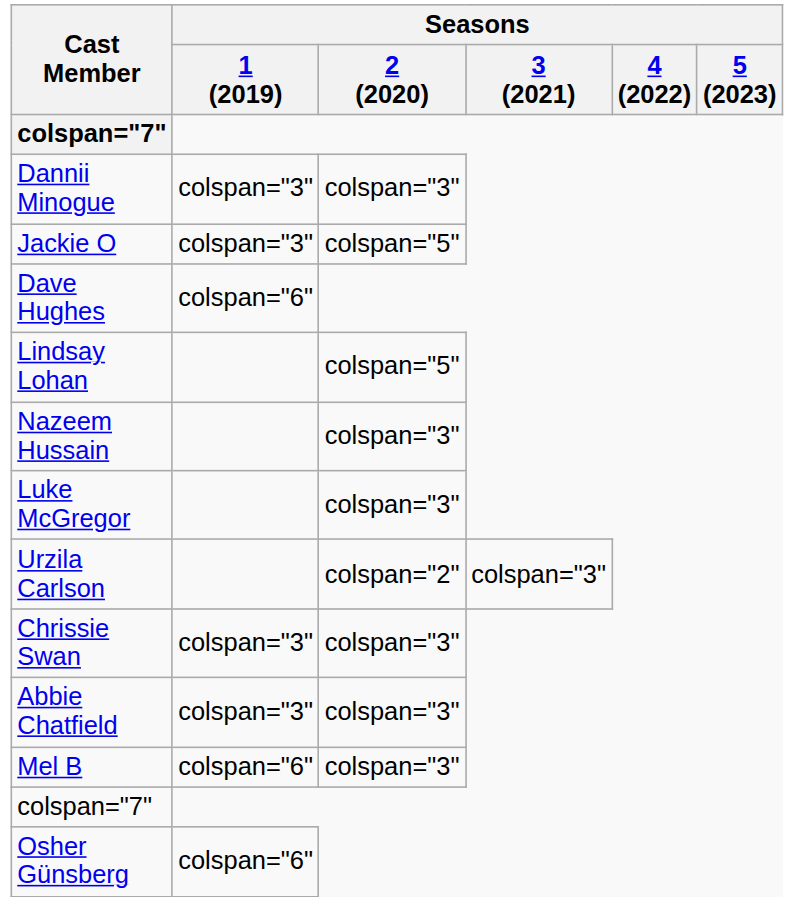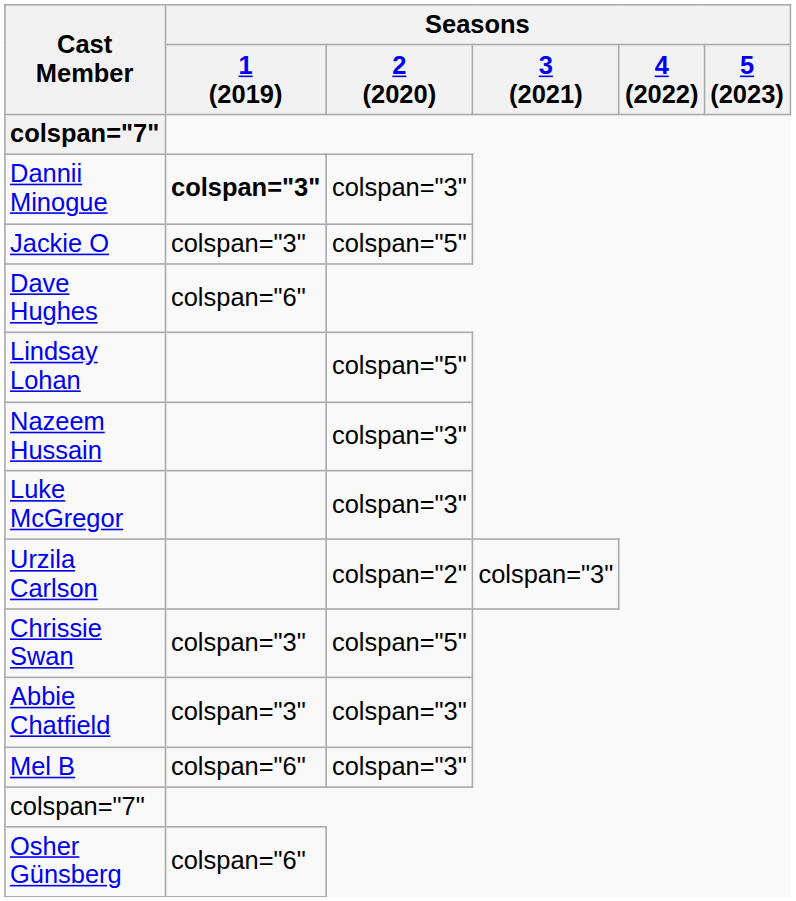 <table class="wikitable mw-collapsible mw-collapsed" style="margin-left: auto; margin-right: auto; border: none; width:30%;">
 <tr>
 <th rowspan="2">Cast Member</th>
 <th colspan="5">Seasons</th>
 </tr>
 <tr>
 <th><a href='#'>1</a><br>(2019)</th>
 <th><a href='#'>2</a><br>(2020)</th>
 <th><a href='#'>3</a><br>(2021)</th>
 <th><a href='#'>4</a><br>(2022)</th>
 <th><a href='#'>5</a><br>(2023)</th>
 </tr>
 <tr>
 <th>colspan="7" </th>
 </tr>
 <tr>
 <td><a href='#'>Dannii Minogue</a></td>
-<td>colspan="3" </td>
+<td><strong>colspan="3" </strong></td>
 <td>colspan="3" </td>
 </tr>
 <tr>
 <td><a href='#'>Jackie O</a></td>
 <td>colspan="3" </td>
 <td>colspan="5" </td>
 </tr>
 <tr>
 <td><a href='#'>Dave Hughes</a></td>
 <td>colspan="6" </td>
 </tr>
 <tr>
 <td><a href='#'>Lindsay Lohan</a></td>
 <td></td>
 <td>colspan="5" </td>
 </tr>
 <tr>
 <td><a href='#'>Nazeem Hussain</a></td>
 <td></td>
 <td>colspan="3" </td>
 </tr>
 <tr>
 <td><a href='#'>Luke McGregor</a></td>
 <td></td>
 <td>colspan="3" </td>
 </tr>
 <tr>
 <td><a href='#'>Urzila Carlson</a></td>
 <td></td>
 <td>colspan="2" </td>
 <td>colspan="3" </td>
 </tr>
 <tr>
 <td><a href='#'>Chrissie Swan</a></td>
 <td>colspan="3" </td>
-<td>colspan="3" </td>
+<td>colspan="5" </td>
 </tr>
 <tr>
 <td><a href='#'>Abbie Chatfield</a></td>
 <td>colspan="3" </td>
 <td>colspan="3" </td>
 </tr>
 <tr>
 <td><a href='#'>Mel B</a></td>
 <td>colspan="6" </td>
 <td>colspan="3" </td>
 </tr>
 <tr>
 <td>colspan="7" </td>
 </tr>
 <tr>
 <td><a href='#'>Osher Günsberg</a></td>
 <td>colspan="6" </td>
 </tr>
 </table>
